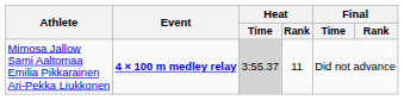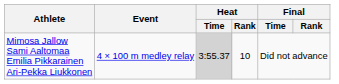 <table class=wikitable style="font-size:90%">
 <tr>
 <th rowspan="2">Athlete</th>
 <th rowspan="2">Event</th>
 <th colspan="2">Heat</th>
 <th colspan="2">Final</th>
 </tr>
 <tr style="font-size:95%">
 <th>Time</th>
 <th>Rank</th>
 <th>Time</th>
 <th>Rank</th>
 </tr>
 <tr align=center>
 <td align=left><a href='#'>Mimosa Jallow</a><br><a href='#'>Sami Aaltomaa</a><br><a href='#'>Emilia Pikkarainen</a><br><a href='#'>Ari-Pekka Liukkonen</a></td>
-<td align=left><strong><a href='#'>4 × 100 m medley relay</a></strong></td>
+<td align=left><a href='#'>4 × 100 m medley relay</a></td>
 <td style="background: lightgrey;">3:55.37</td>
-<td>11</td>
+<td>10</td>
 <td colspan=2>Did not advance</td>
 </tr>
 </table>
